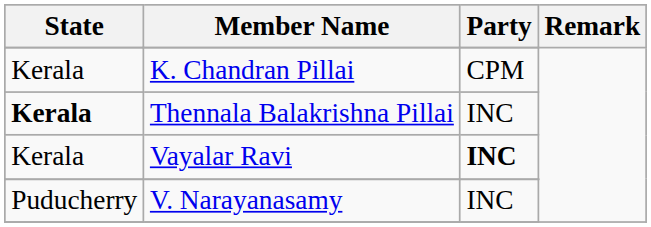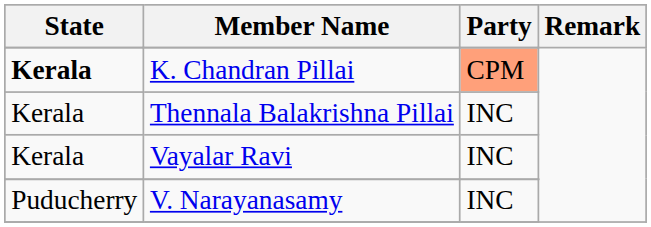 <table class="wikitable sortable">
 <tr>
 <th>State</th>
 <th>Member Name</th>
 <th>Party</th>
 <th>Remark</th>
 </tr>
 <tr>
 </tr>
 <tr>
-<td>Kerala</td>
+<td><strong>Kerala</strong></td>
 <td><a href='#'>K. Chandran Pillai</a></td>
-<td>CPM</td>
+<td style="background: lightsalmon;">CPM</td>
 </tr>
 <tr>
-<td><strong>Kerala</strong></td>
+<td>Kerala</td>
 <td><a href='#'>Thennala Balakrishna Pillai</a></td>
 <td>INC</td>
 </tr>
 <tr>
 <td>Kerala</td>
 <td><a href='#'>Vayalar Ravi</a></td>
-<td><strong>INC</strong></td>
+<td>INC</td>
 </tr>
 <tr>
 </tr>
 <tr>
 <td>Puducherry</td>
 <td><a href='#'>V. Narayanasamy</a></td>
 <td>INC</td>
 </tr>
 <tr>
 </tr>
 <tr>
 </tr>
 </table>
